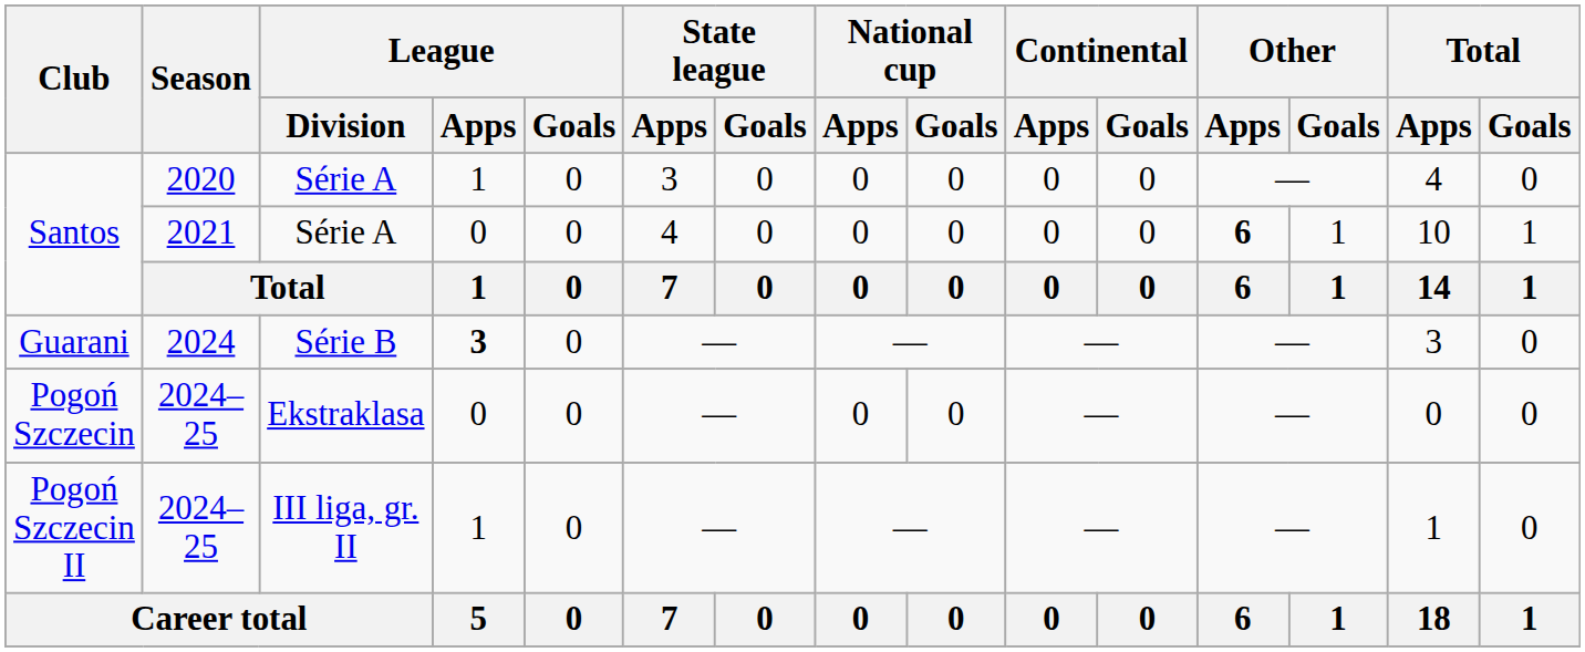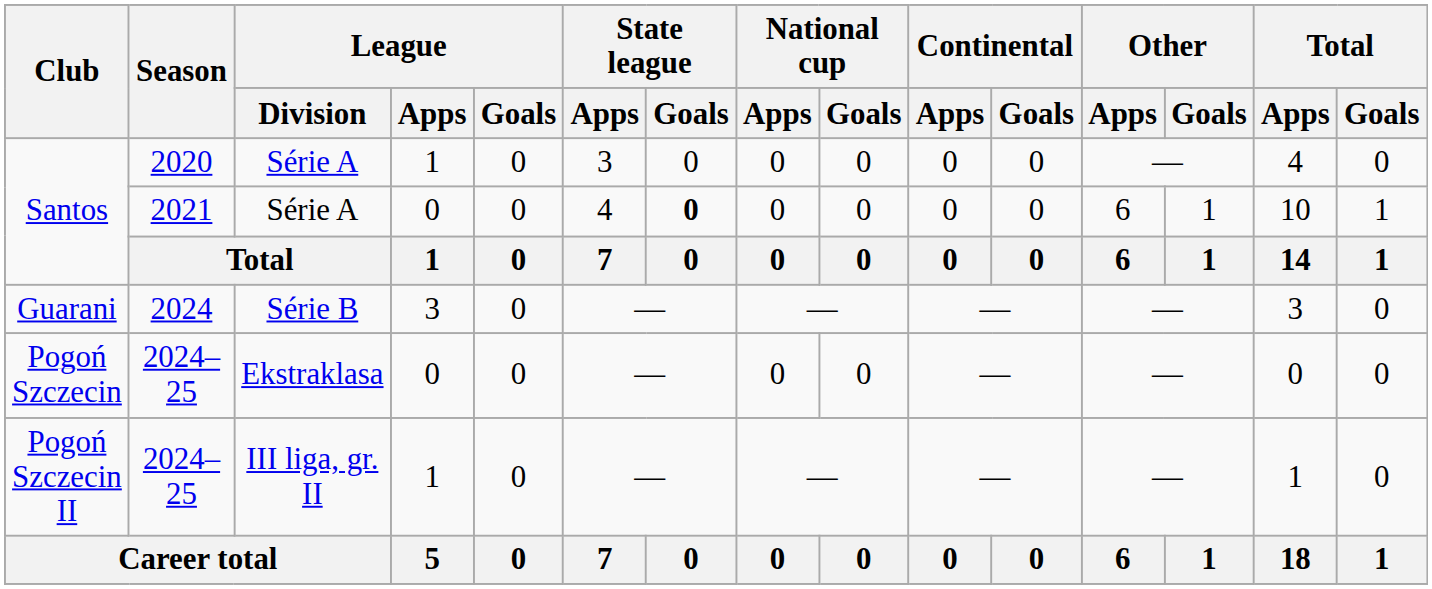 <table class="wikitable" style="text-align: center;">
 <tr>
 <th rowspan="2">Club</th>
 <th rowspan="2">Season</th>
 <th colspan="3">League</th>
 <th colspan="2">State league</th>
 <th colspan="2">National cup</th>
 <th colspan="2">Continental</th>
 <th colspan="2">Other</th>
 <th colspan="2">Total</th>
 </tr>
 <tr>
 <th>Division</th>
 <th>Apps</th>
 <th>Goals</th>
 <th>Apps</th>
 <th>Goals</th>
 <th>Apps</th>
 <th>Goals</th>
 <th>Apps</th>
 <th>Goals</th>
 <th>Apps</th>
 <th>Goals</th>
 <th>Apps</th>
 <th>Goals</th>
 </tr>
 <tr>
 <td rowspan="3" valign="center"><a href='#'>Santos</a></td>
 <td><a href='#'>2020</a></td>
 <td><a href='#'>Série A</a></td>
 <td>1</td>
 <td>0</td>
 <td>3</td>
 <td>0</td>
 <td>0</td>
 <td>0</td>
 <td>0</td>
 <td>0</td>
 <td colspan="2">—</td>
 <td>4</td>
 <td>0</td>
 </tr>
 <tr>
 <td><a href='#'>2021</a></td>
 <td>Série A</td>
 <td>0</td>
 <td>0</td>
 <td>4</td>
+<td><strong>0</strong></td>
 <td>0</td>
 <td>0</td>
 <td>0</td>
 <td>0</td>
-<td>0</td>
-<td><strong>6</strong></td>
+<td>6</td>
 <td>1</td>
 <td>10</td>
 <td>1</td>
 </tr>
 <tr>
 <th colspan="2">Total</th>
 <th>1</th>
 <th>0</th>
 <th>7</th>
 <th>0</th>
 <th>0</th>
 <th>0</th>
 <th>0</th>
 <th>0</th>
 <th>6</th>
 <th>1</th>
 <th>14</th>
 <th>1</th>
 </tr>
 <tr>
 <td valign="center"><a href='#'>Guarani</a></td>
 <td><a href='#'>2024</a></td>
 <td><a href='#'>Série B</a></td>
-<td><strong>3</strong></td>
+<td>3</td>
 <td>0</td>
 <td colspan="2">—</td>
 <td colspan="2">—</td>
 <td colspan="2">—</td>
 <td colspan="2">—</td>
 <td>3</td>
 <td>0</td>
 </tr>
 <tr>
 <td valign="center"><a href='#'>Pogoń Szczecin</a></td>
 <td><a href='#'>2024–25</a></td>
 <td><a href='#'>Ekstraklasa</a></td>
 <td>0</td>
 <td>0</td>
 <td colspan="2">—</td>
 <td>0</td>
 <td>0</td>
 <td colspan="2">—</td>
 <td colspan="2">—</td>
 <td>0</td>
 <td>0</td>
 </tr>
 <tr>
 <td valign="center"><a href='#'>Pogoń Szczecin II</a></td>
 <td><a href='#'>2024–25</a></td>
 <td><a href='#'>III liga, gr. II</a></td>
 <td>1</td>
 <td>0</td>
 <td colspan="2">—</td>
 <td colspan="2">—</td>
 <td colspan="2">—</td>
 <td colspan="2">—</td>
 <td>1</td>
 <td>0</td>
 </tr>
 <tr>
 <th colspan="3"><strong>Career total</strong></th>
 <th>5</th>
 <th>0</th>
 <th>7</th>
 <th>0</th>
 <th>0</th>
 <th>0</th>
 <th>0</th>
 <th>0</th>
 <th>6</th>
 <th>1</th>
 <th>18</th>
 <th>1</th>
 </tr>
 </table>
